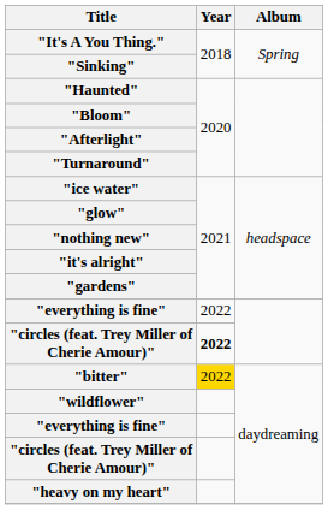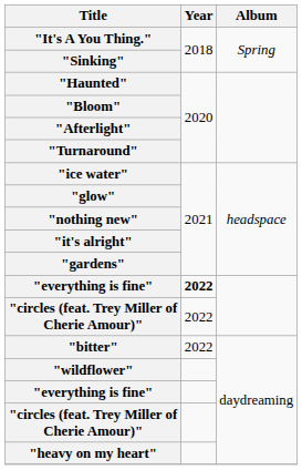 <table class="wikitable plainrowheaders" style="text-align:center;">
 <tr>
 <th scope="col" style="width:12em;">Title</th>
 <th scope="col">Year</th>
 <th scope="col">Album</th>
 </tr>
 <tr>
 <th scope="row">"It's A You Thing."</th>
 <td rowspan="2">2018</td>
 <td rowspan="2"><em>Spring</em></td>
 </tr>
 <tr>
 <th scope="row">"Sinking"</th>
 </tr>
 <tr>
 <th scope="row">"Haunted"</th>
 <td rowspan="4">2020</td>
 <td rowspan="4"></td>
 </tr>
 <tr>
 <th scope="row">"Bloom"</th>
 </tr>
 <tr>
 <th scope="row">"Afterlight"</th>
 </tr>
 <tr>
 <th scope="row">"Turnaround"</th>
 </tr>
 <tr>
 <th scope="row">"ice water"</th>
 <td rowspan="5">2021</td>
 <td rowspan="5"><em>headspace</em></td>
 </tr>
 <tr>
 <th scope="row">"glow"</th>
 </tr>
 <tr>
 <th scope="row">"nothing new"</th>
 </tr>
 <tr>
 <th scope="row">"it's alright"</th>
 </tr>
 <tr>
 <th scope="row">"gardens"</th>
 </tr>
 <tr>
 <th>"everything is fine"</th>
+<td><strong>2022</strong></td>
+</tr>
+<tr>
+<th>"circles (feat. Trey Miller of Cherie Amour)"</th>
 <td>2022</td>
 </tr>
 <tr>
-<th>"circles (feat. Trey Miller of Cherie Amour)"</th>
-<td><strong>2022</strong></td>
-</tr>
-<tr>
 <th>"bitter"</th>
-<td style="background: gold;">2022</td>
+<td>2022</td>
 <td rowspan="5">daydreaming</td>
 </tr>
 <tr>
 <th>"wildflower"</th>
 <td></td>
 </tr>
 <tr>
 <th>"everything is fine"</th>
 <td></td>
 </tr>
 <tr>
 <th>"circles (feat. Trey Miller of Cherie Amour)"</th>
 <td></td>
 </tr>
 <tr>
 <th>"heavy on my heart"</th>
 <td></td>
 </tr>
 <tr>
 </tr>
 </table>
